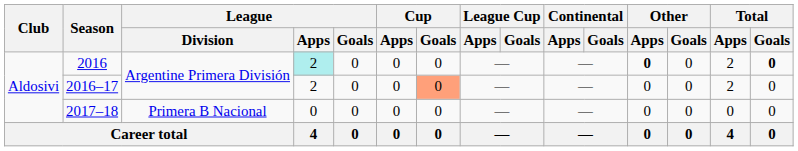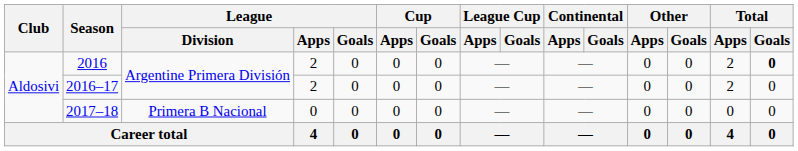 <table class="wikitable" style="text-align:center">
 <tr>
 <th rowspan="2">Club</th>
 <th rowspan="2">Season</th>
 <th colspan="3">League</th>
 <th colspan="2">Cup</th>
 <th colspan="2">League Cup</th>
 <th colspan="2">Continental</th>
 <th colspan="2">Other</th>
 <th colspan="2">Total</th>
 </tr>
 <tr>
 <th>Division</th>
 <th>Apps</th>
 <th>Goals</th>
 <th>Apps</th>
 <th>Goals</th>
 <th>Apps</th>
 <th>Goals</th>
 <th>Apps</th>
 <th>Goals</th>
 <th>Apps</th>
 <th>Goals</th>
 <th>Apps</th>
 <th>Goals</th>
 </tr>
 <tr>
 <td rowspan="3"><a href='#'>Aldosivi</a></td>
 <td><a href='#'>2016</a></td>
 <td rowspan="2"><a href='#'>Argentine Primera División</a></td>
-<td style="background: paleturquoise;">2</td>
+<td>2</td>
 <td>0</td>
 <td>0</td>
 <td>0</td>
 <td colspan="2">—</td>
 <td colspan="2">—</td>
-<td><strong>0</strong></td>
+<td>0</td>
 <td>0</td>
 <td>2</td>
 <td><strong>0</strong></td>
 </tr>
 <tr>
 <td><a href='#'>2016–17</a></td>
 <td>2</td>
 <td>0</td>
 <td>0</td>
-<td style="background: lightsalmon;">0</td>
+<td>0</td>
 <td colspan="2">—</td>
 <td colspan="2">—</td>
 <td>0</td>
 <td>0</td>
 <td>2</td>
 <td>0</td>
 </tr>
 <tr>
 <td><a href='#'>2017–18</a></td>
 <td rowspan="1"><a href='#'>Primera B Nacional</a></td>
 <td>0</td>
 <td>0</td>
 <td>0</td>
 <td>0</td>
 <td colspan="2">—</td>
 <td colspan="2">—</td>
 <td>0</td>
 <td>0</td>
 <td>0</td>
 <td>0</td>
 </tr>
 <tr>
 <th colspan="3">Career total</th>
 <th>4</th>
 <th>0</th>
 <th>0</th>
 <th>0</th>
 <th colspan="2">—</th>
 <th colspan="2">—</th>
 <th>0</th>
 <th>0</th>
 <th>4</th>
 <th>0</th>
 </tr>
 </table>
